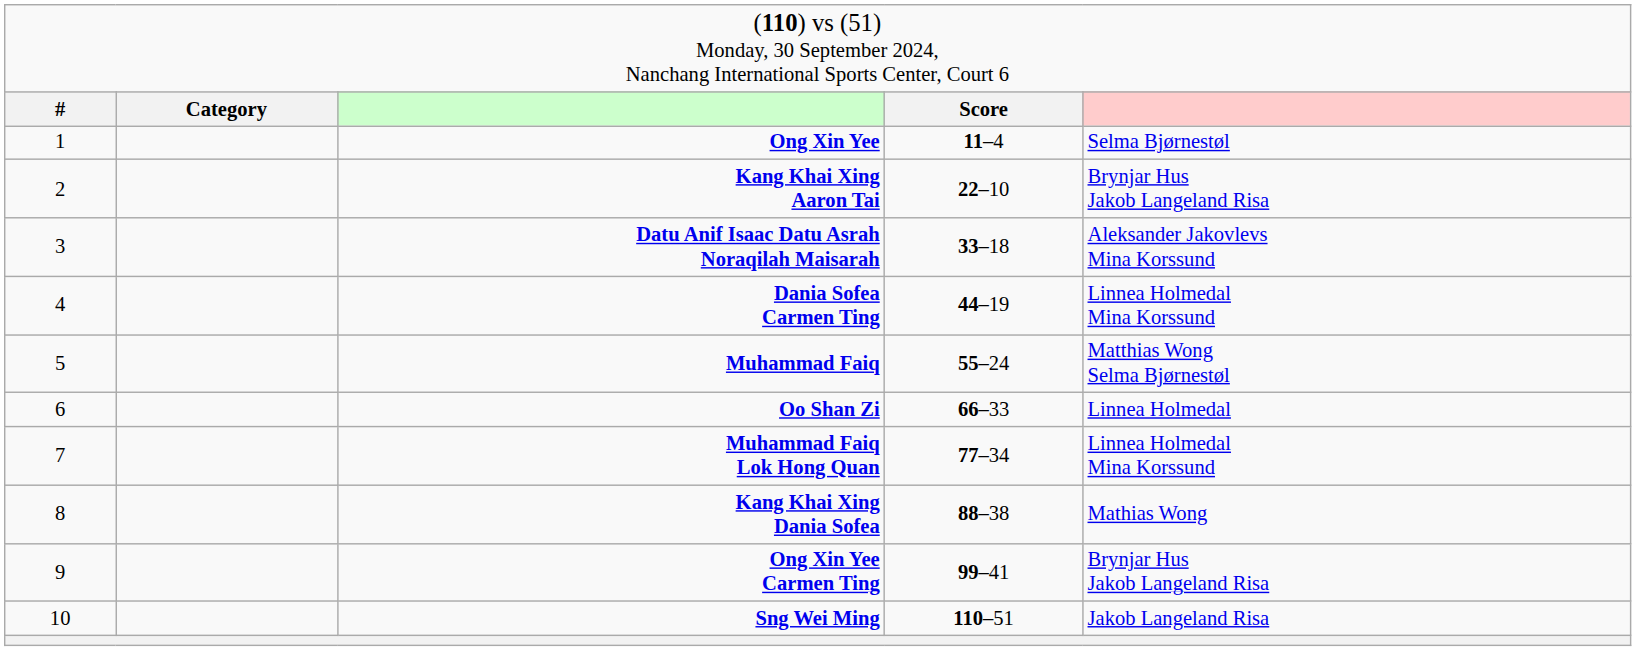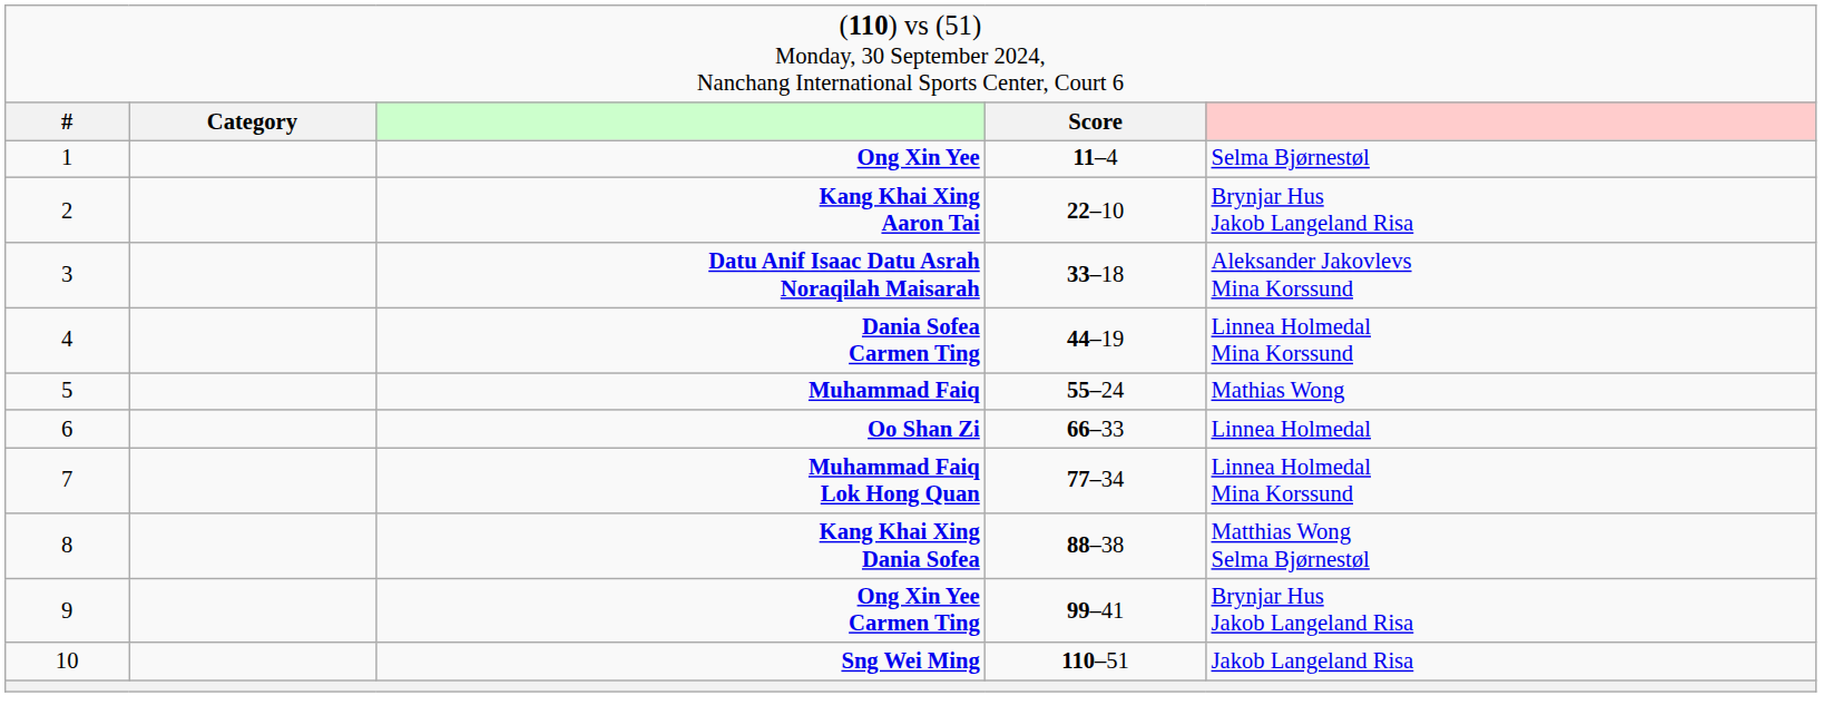 <table class="wikitable mw-collapsible mw-collapsed" style="font-size:90%; text-align:center" width="90%">
 <tr>
 <td colspan="5"><big>(<strong>110</strong>) <strong></strong> vs  (51)</big><br>Monday, 30 September 2024, <br>Nanchang International Sports Center, Court 6</td>
 </tr>
 <tr>
 <th width="25">#</th>
 <th width="50">Category</th>
 <th style="background-color:#CCFFCC" width="150"></th>
 <th width="50">Score<br></th>
 <th style="background-color:#FFCCCC" width="150"></th>
 </tr>
 <tr>
 <td>1</td>
 <td></td>
 <td align="right"><strong><a href='#'>Ong Xin Yee</a> </strong></td>
 <td><strong>11</strong>–4<br></td>
 <td align="left"> <a href='#'>Selma Bjørnestøl</a></td>
 </tr>
 <tr>
 <td>2</td>
 <td></td>
 <td align="right"><strong><a href='#'>Kang Khai Xing</a> <br><a href='#'>Aaron Tai</a> </strong></td>
 <td><strong>22</strong>–10<br></td>
 <td align="left"> <a href='#'>Brynjar Hus</a><br> <a href='#'>Jakob Langeland Risa</a></td>
 </tr>
 <tr>
 <td>3</td>
 <td></td>
 <td align="right"><strong><a href='#'>Datu Anif Isaac Datu Asrah</a> <br><a href='#'>Noraqilah Maisarah</a> </strong></td>
 <td><strong>33</strong>–18<br></td>
 <td align="left"> <a href='#'>Aleksander Jakovlevs</a><br> <a href='#'>Mina Korssund</a></td>
 </tr>
 <tr>
 <td>4</td>
 <td></td>
 <td align="right"><strong><a href='#'>Dania Sofea</a> <br><a href='#'>Carmen Ting</a> </strong></td>
 <td><strong>44</strong>–19<br></td>
 <td align="left"> <a href='#'>Linnea Holmedal</a><br> <a href='#'>Mina Korssund</a></td>
 </tr>
 <tr>
 <td>5</td>
 <td></td>
 <td align="right"><strong><a href='#'>Muhammad Faiq</a> </strong></td>
 <td><strong>55</strong>–24<br></td>
-<td align="left"> <a href='#'>Matthias Wong</a><br> <a href='#'>Selma Bjørnestøl</a></td>
+<td align="left"> <a href='#'>Mathias Wong</a></td>
 </tr>
 <tr>
 <td>6</td>
 <td></td>
 <td align="right"><strong><a href='#'>Oo Shan Zi</a> </strong></td>
 <td><strong>66</strong>–33<br></td>
 <td align="left"> <a href='#'>Linnea Holmedal</a></td>
 </tr>
 <tr>
 <td>7</td>
 <td></td>
 <td align="right"><strong><a href='#'>Muhammad Faiq</a> <br><a href='#'>Lok Hong Quan</a> </strong></td>
 <td><strong>77</strong>–34<br></td>
 <td align="left"> <a href='#'>Linnea Holmedal</a><br> <a href='#'>Mina Korssund</a></td>
 </tr>
 <tr>
 <td>8</td>
 <td></td>
 <td align="right"><strong><a href='#'>Kang Khai Xing</a> <br><a href='#'>Dania Sofea</a> </strong></td>
 <td><strong>88</strong>–38<br></td>
-<td align="left"> <a href='#'>Mathias Wong</a></td>
+<td align="left"> <a href='#'>Matthias Wong</a><br> <a href='#'>Selma Bjørnestøl</a></td>
 </tr>
 <tr>
 <td>9</td>
 <td></td>
 <td align="right"><strong><a href='#'>Ong Xin Yee</a> <br><a href='#'>Carmen Ting</a> </strong></td>
 <td><strong>99</strong>–41<br></td>
 <td align="left"> <a href='#'>Brynjar Hus</a><br> <a href='#'>Jakob Langeland Risa</a></td>
 </tr>
 <tr>
 <td>10</td>
 <td></td>
 <td align="right"><strong><a href='#'>Sng Wei Ming</a> </strong></td>
 <td><strong>110</strong>–51<br></td>
 <td align="left"> <a href='#'>Jakob Langeland Risa</a></td>
 </tr>
 <tr>
 <th colspan="5"></th>
 </tr>
 </table>
